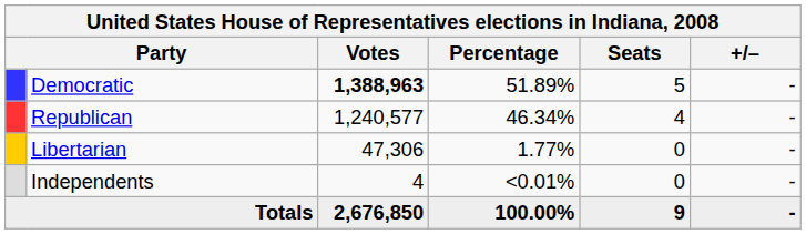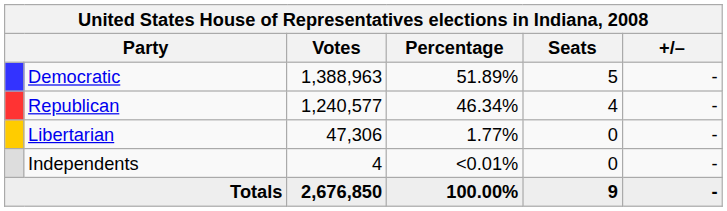 <table class="wikitable" style="font-size: 95%;">
 <tr>
 <th colspan="6">United States House of Representatives elections in Indiana, 2008</th>
 </tr>
 <tr>
 <th colspan=2 style="width: 15em">Party</th>
 <th style="width: 5em">Votes</th>
 <th style="width: 7em">Percentage</th>
 <th style="width: 5em">Seats</th>
 <th style="width: 5em">+/–</th>
 </tr>
 <tr>
 <th style="background:#33f; width:3px;"></th>
 <td style="width: 130px"><a href='#'>Democratic</a></td>
-<td style="text-align:right;"><strong>1,388,963</strong></td>
+<td style="text-align:right;">1,388,963</td>
 <td style="text-align:right;">51.89%</td>
 <td style="text-align:right;">5</td>
 <td style="text-align:right;">-</td>
 </tr>
 <tr>
 <th style="background:#f33; width:3px;"></th>
 <td style="width: 130px"><a href='#'>Republican</a></td>
 <td style="text-align:right;">1,240,577</td>
 <td style="text-align:right;">46.34%</td>
 <td style="text-align:right;">4</td>
 <td style="text-align:right;">-</td>
 </tr>
 <tr>
 <th style="background:#fc0; width:3px;"></th>
 <td style="width: 130px"><a href='#'>Libertarian</a></td>
 <td style="text-align:right;">47,306</td>
 <td style="text-align:right;">1.77%</td>
 <td style="text-align:right;">0</td>
 <td style="text-align:right;">-</td>
 </tr>
 <tr>
 <th style="background:#ddd; width:3px;"></th>
 <td style="width: 130px">Independents</td>
 <td style="text-align:right;">4</td>
 <td style="text-align:right;"><0.01%</td>
 <td style="text-align:right;">0</td>
 <td style="text-align:right;">-</td>
 </tr>
 <tr style="background:#eee; text-align:right;">
 <td colspan="2"><strong>Totals</strong></td>
 <td><strong>2,676,850</strong></td>
 <td><strong>100.00%</strong></td>
 <td><strong>9</strong></td>
 <td><strong>-</strong></td>
 </tr>
 </table>
